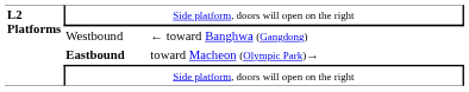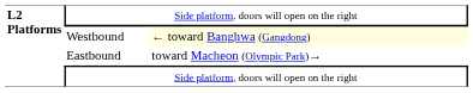 <table table border=0 cellspacing=0 cellpadding=3>
 <tr>
 <td style="border-top:solid 1px gray;border-bottom:solid 1px gray;" width=50 rowspan=10 valign=top><strong>L2<br>Platforms</strong></td>
 <td style="border-top:solid 1px gray;border-right:solid 2px black;border-left:solid 2px black;border-bottom:solid 2px black;text-align:center;" colspan=2><small><a href='#'>Side platform</a>, doors will open on the right</small></td>
 </tr>
 <tr>
 <td style="border-bottom:solid 0px gray;border-top:solid 1px gray;" width=100>Westbound</td>
-<td style="border-bottom:solid 0px gray;border-top:solid 1px gray;" width=390>←  toward <a href='#'>Banghwa</a> <small>(<a href='#'>Gangdong</a>)</small></td>
+<td style="background: lightyellow; border-bottom:solid 0px gray;border-top:solid 1px gray;" width=390>←  toward <a href='#'>Banghwa</a> <small>(<a href='#'>Gangdong</a>)</small></td>
 </tr>
 <tr>
-<td><strong>Eastbound</strong></td>
+<td>Eastbound</td>
 <td>  toward <a href='#'>Macheon</a> <small>(<a href='#'>Olympic Park</a>)</small>→</td>
 </tr>
 <tr>
 <td style="border-top:solid 2px black;border-right:solid 2px black;border-left:solid 2px black;border-bottom:solid 1px gray;text-align:center;" colspan=2><small><a href='#'>Side platform</a>, doors will open on the right</small></td>
 </tr>
 </table>
